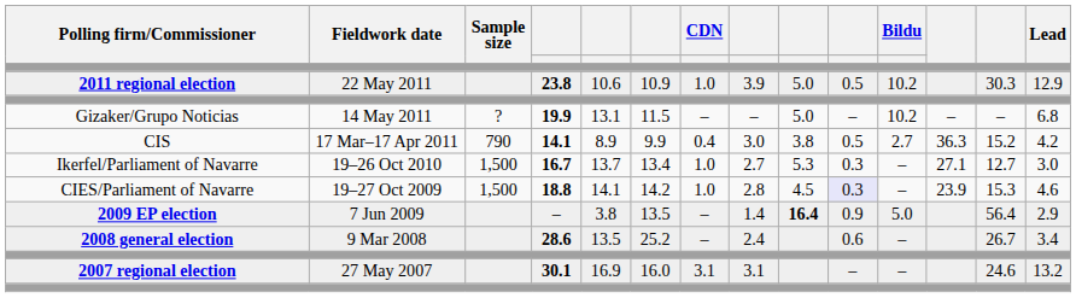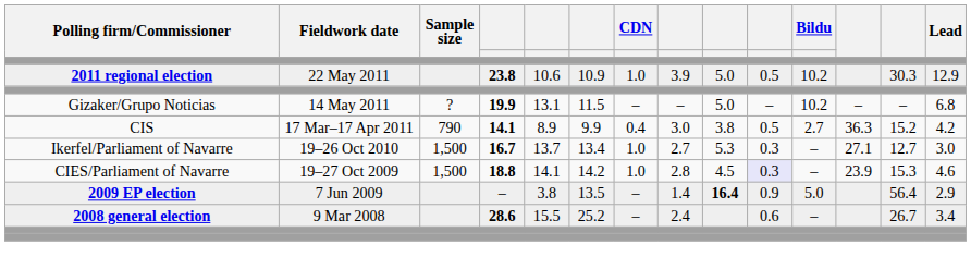 <table class="wikitable collapsible collapsed" style="text-align:center; font-size:90%; line-height:14px;">
 <tr style="height:42px;">
 <th style="width:250px;" rowspan="2">Polling firm/Commissioner</th>
 <th style="width:125px;" rowspan="2">Fieldwork date</th>
 <th style="width:50px;" rowspan="2">Sample size</th>
 <th style="width:35px;"></th>
 <th style="width:35px;"></th>
 <th style="width:35px;"></th>
 <th style="width:35px;"><a href='#'>CDN</a></th>
 <th style="width:35px;"></th>
 <th style="width:35px;"></th>
 <th style="width:35px;"></th>
 <th style="width:35px;"><a href='#'>Bildu</a></th>
 <th style="width:35px;" rowspan="2"></th>
 <th style="width:35px;" rowspan="2"></th>
 <th style="width:30px;" rowspan="2">Lead</th>
 </tr>
 <tr>
 <th style="color:inherit;background:"></th>
 <th style="color:inherit;background:"></th>
 <th style="color:inherit;background:"></th>
 <th style="color:inherit;background:"></th>
 <th style="color:inherit;background:"></th>
 <th style="color:inherit;background:"></th>
 <th style="color:inherit;background:"></th>
 <th style="color:inherit;background:"></th>
 </tr>
 <tr>
 <td colspan="14" style="background:#A0A0A0"></td>
 </tr>
 <tr style="background:#EFEFEF;">
 <td><strong><a href='#'>2011 regional election</a></strong></td>
 <td>22 May 2011</td>
 <td></td>
 <td><strong>23.8</strong></td>
 <td>10.6</td>
 <td>10.9</td>
 <td>1.0</td>
 <td>3.9</td>
 <td>5.0</td>
 <td>0.5</td>
 <td>10.2</td>
 <td></td>
 <td>30.3</td>
 <td style="background:">12.9</td>
 </tr>
 <tr>
 <td colspan="14" style="background:#A0A0A0"></td>
 </tr>
 <tr>
 <td>Gizaker/Grupo Noticias</td>
 <td>14 May 2011</td>
 <td>?</td>
 <td><strong>19.9</strong></td>
 <td>13.1</td>
 <td>11.5</td>
 <td>–</td>
 <td>–</td>
 <td>5.0</td>
 <td>–</td>
 <td>10.2</td>
 <td>–</td>
 <td>–</td>
 <td style="background:">6.8</td>
 </tr>
 <tr>
 <td>CIS</td>
 <td>17 Mar–17 Apr 2011</td>
 <td>790</td>
 <td><strong>14.1</strong></td>
 <td>8.9</td>
 <td>9.9</td>
 <td>0.4</td>
 <td>3.0</td>
 <td>3.8</td>
 <td>0.5</td>
 <td>2.7</td>
 <td>36.3</td>
 <td>15.2</td>
 <td style="background:">4.2</td>
 </tr>
 <tr>
 <td>Ikerfel/Parliament of Navarre</td>
 <td>19–26 Oct 2010</td>
 <td>1,500</td>
 <td><strong>16.7</strong></td>
 <td>13.7</td>
 <td>13.4</td>
 <td>1.0</td>
 <td>2.7</td>
 <td>5.3</td>
 <td>0.3</td>
 <td>–</td>
 <td>27.1</td>
 <td>12.7</td>
 <td style="background:">3.0</td>
 </tr>
 <tr>
 <td>CIES/Parliament of Navarre</td>
 <td>19–27 Oct 2009</td>
 <td>1,500</td>
 <td><strong>18.8</strong></td>
 <td>14.1</td>
 <td>14.2</td>
 <td>1.0</td>
 <td>2.8</td>
 <td>4.5</td>
 <td style="background: lavender;">0.3</td>
 <td>–</td>
 <td>23.9</td>
 <td>15.3</td>
 <td style="background:">4.6</td>
 </tr>
 <tr style="background:#EFEFEF;">
 <td><strong><a href='#'>2009 EP election</a></strong></td>
 <td>7 Jun 2009</td>
 <td></td>
 <td>–</td>
 <td>3.8</td>
 <td>13.5</td>
 <td>–</td>
 <td>1.4</td>
 <td><strong>16.4</strong></td>
 <td>0.9</td>
 <td>5.0</td>
 <td></td>
 <td>56.4</td>
 <td style="background:">2.9</td>
 </tr>
 <tr style="background:#EFEFEF;">
 <td><strong><a href='#'>2008 general election</a></strong></td>
 <td>9 Mar 2008</td>
 <td></td>
 <td><strong>28.6</strong></td>
-<td>13.5</td>
+<td>15.5</td>
 <td>25.2</td>
 <td>–</td>
 <td>2.4</td>
 <td></td>
 <td>0.6</td>
 <td>–</td>
 <td></td>
 <td>26.7</td>
 <td style="background:">3.4</td>
 </tr>
 <tr>
 <td colspan="14" style="background:#A0A0A0"></td>
 </tr>
-<tr style="background:#EFEFEF;">
-<td><strong><a href='#'>2007 regional election</a></strong></td>
-<td>27 May 2007</td>
-<td></td>
-<td><strong>30.1</strong></td>
-<td>16.9</td>
-<td>16.0</td>
-<td>3.1</td>
-<td>3.1</td>
-<td></td>
-<td>–</td>
-<td>–</td>
-<td></td>
-<td>24.6</td>
-<td style="background:">13.2</td>
-</tr>
 <tr>
 <td colspan="14" style="background:#A0A0A0"></td>
 </tr>
 </table>
